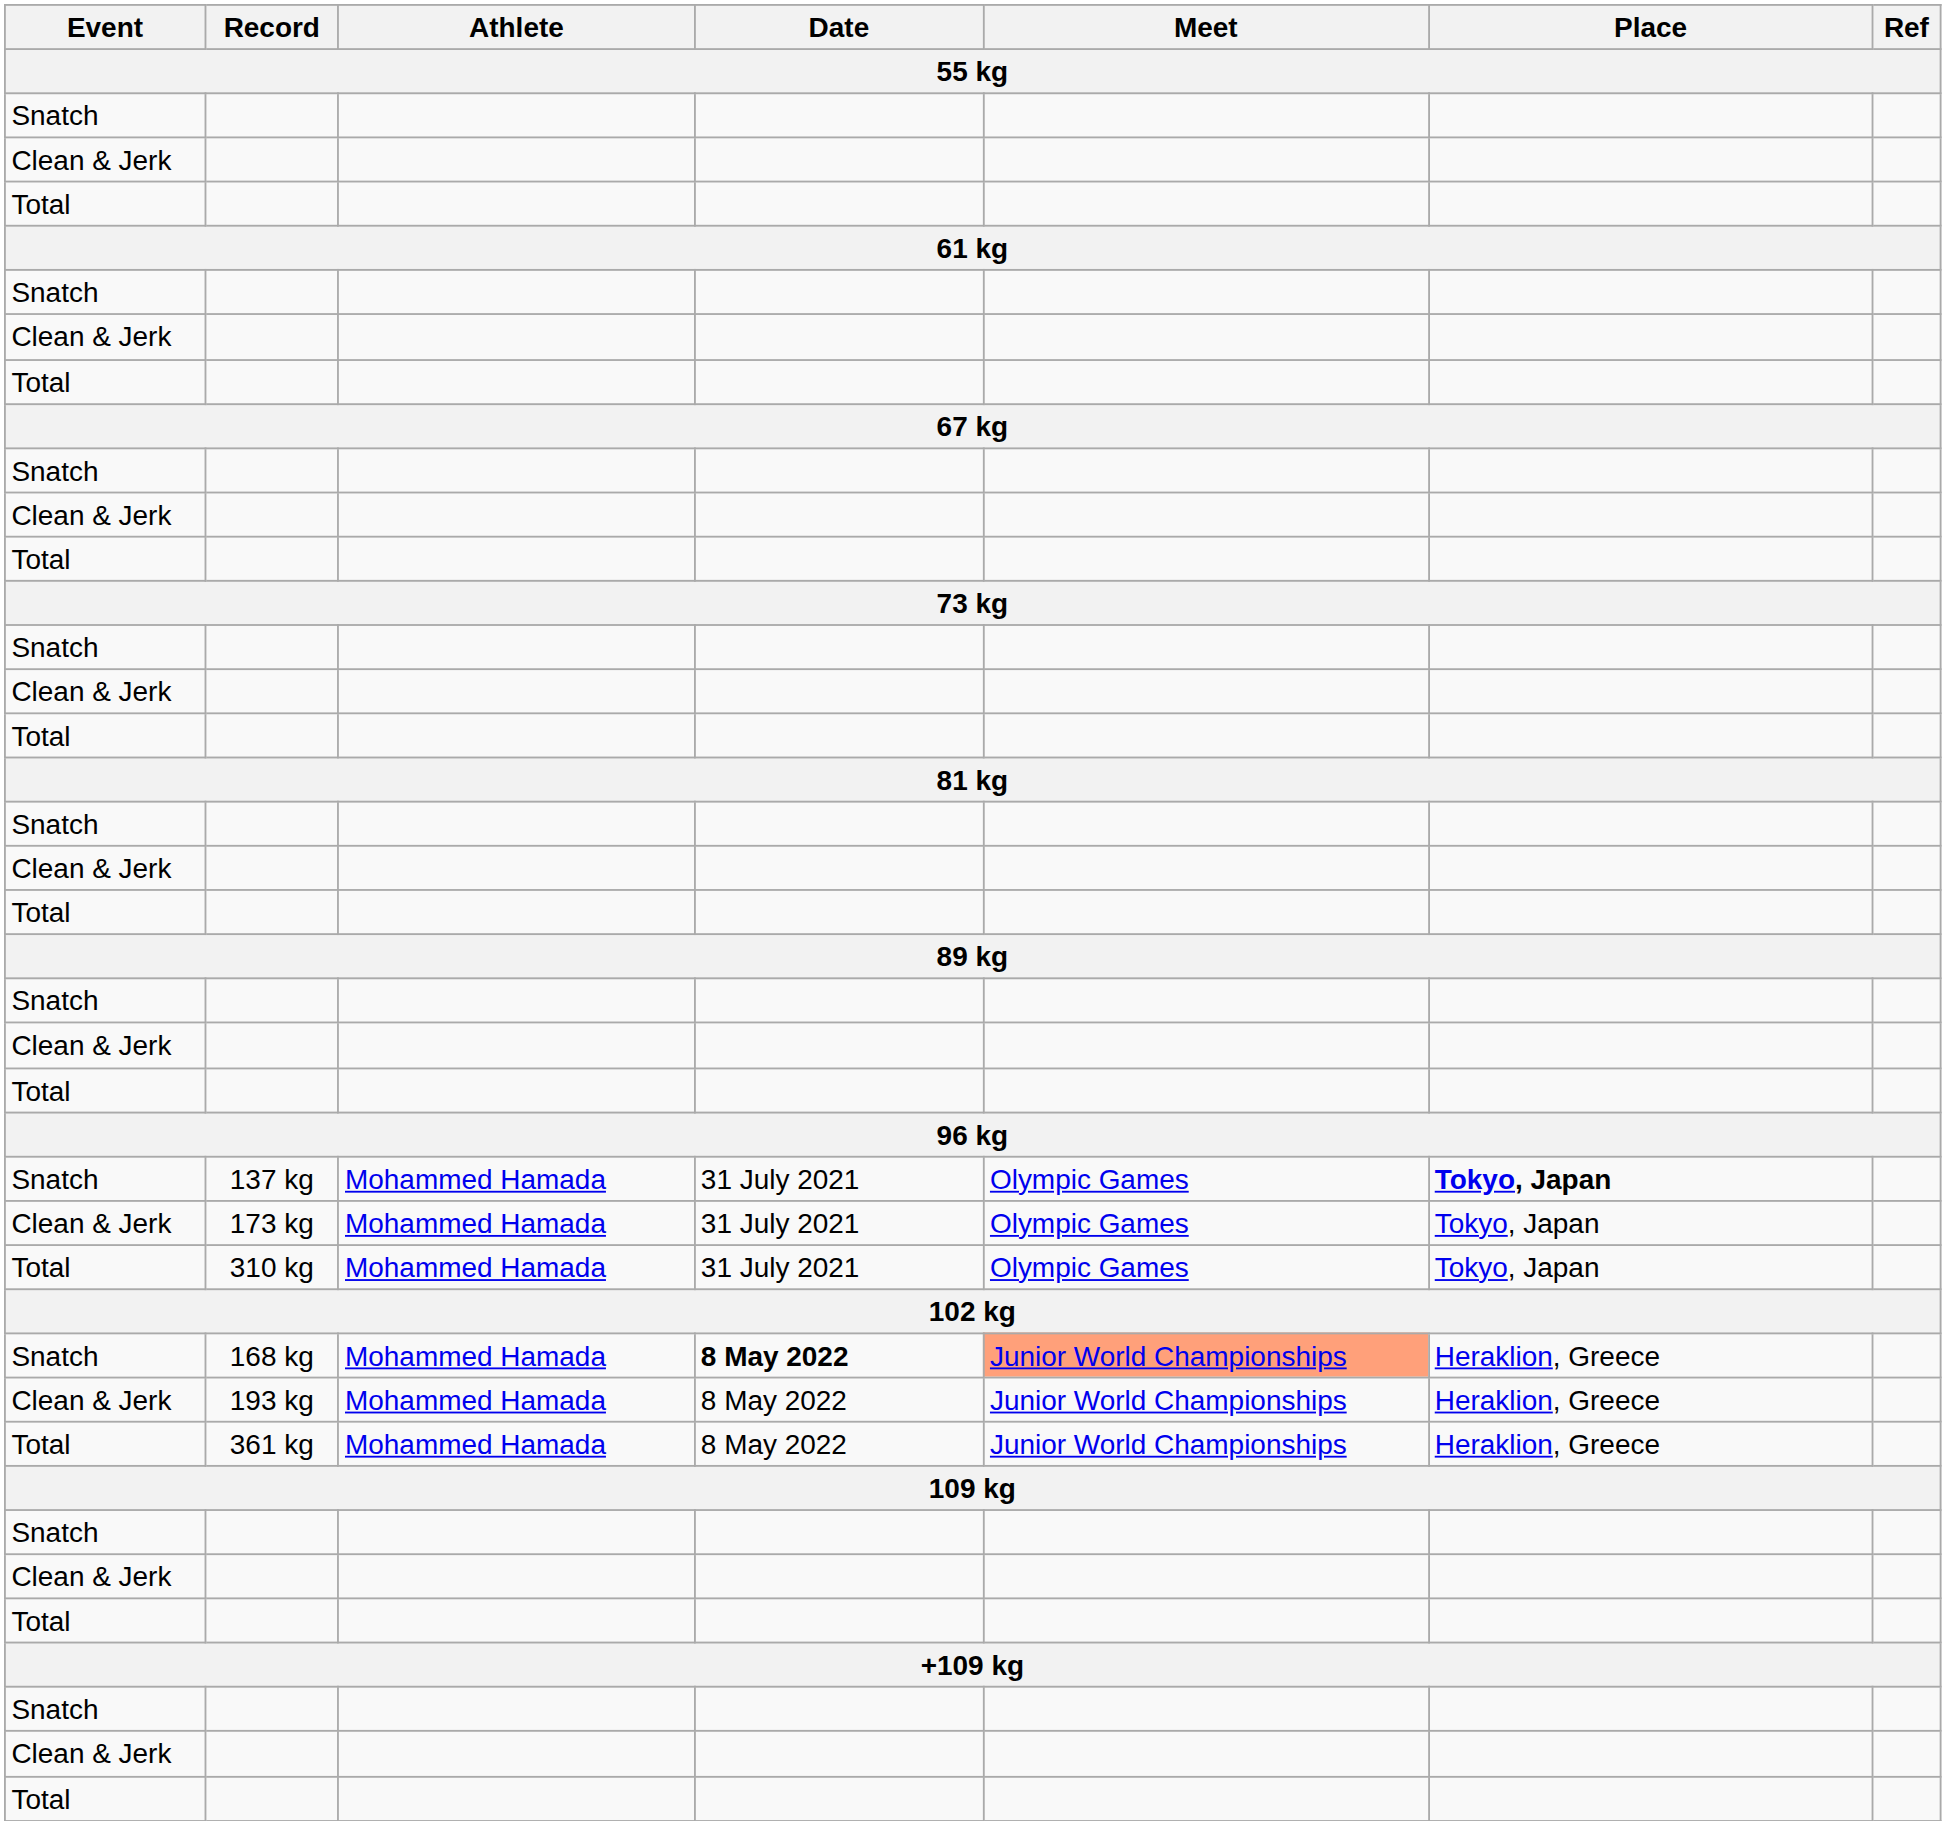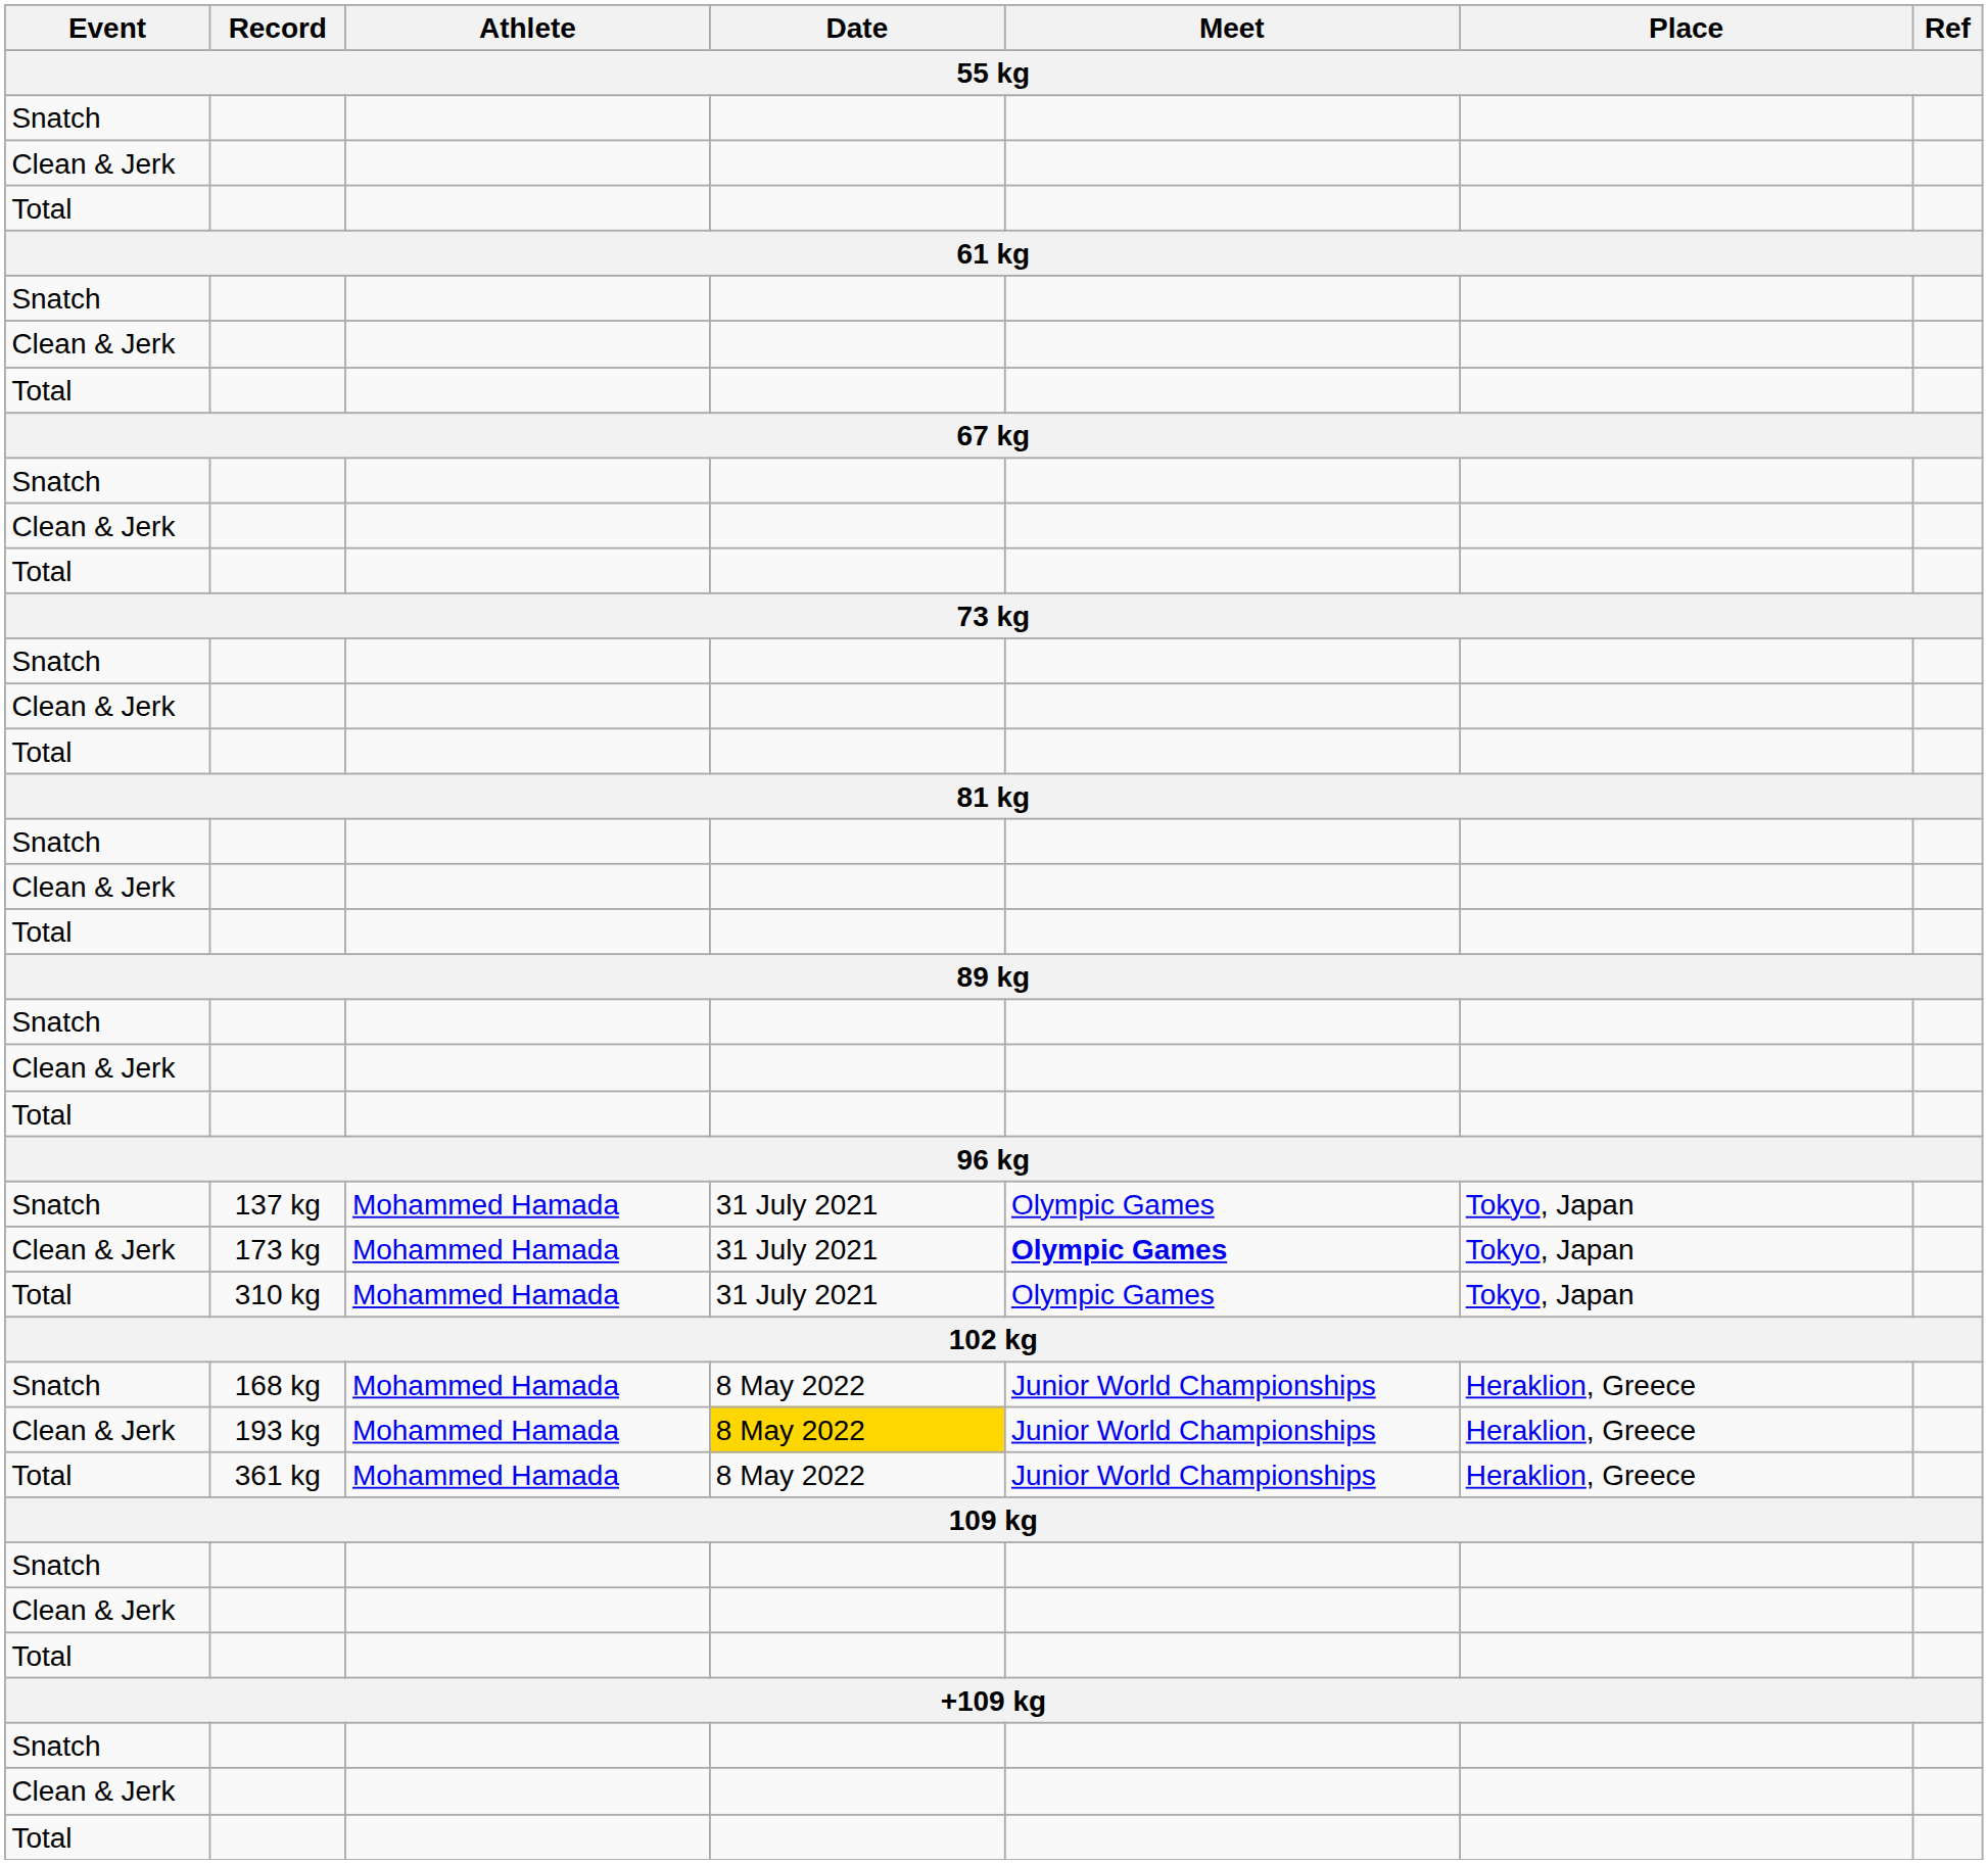 <table class="wikitable" style="font-size:95%;">
 <tr>
 <th width=9%>Event</th>
 <th width=6%>Record</th>
 <th width=16%>Athlete</th>
 <th width=13%>Date</th>
 <th width=20%>Meet</th>
 <th width=20%>Place</th>
 <th width=3%>Ref</th>
 </tr>
 <tr bgcolor="#DDDDDD">
 <th colspan="7">55 kg</th>
 </tr>
 <tr>
 <td>Snatch</td>
 <td align="center"></td>
 <td></td>
 <td></td>
 <td></td>
 <td></td>
 <td></td>
 </tr>
 <tr>
 <td>Clean & Jerk</td>
 <td align="center"></td>
 <td></td>
 <td></td>
 <td></td>
 <td></td>
 <td></td>
 </tr>
 <tr>
 <td>Total</td>
 <td align="center"></td>
 <td></td>
 <td></td>
 <td></td>
 <td></td>
 <td></td>
 </tr>
 <tr bgcolor="#DDDDDD">
 <th colspan="7">61 kg</th>
 </tr>
 <tr>
 <td>Snatch</td>
 <td align="center"></td>
 <td></td>
 <td></td>
 <td></td>
 <td></td>
 <td></td>
 </tr>
 <tr>
 <td>Clean & Jerk</td>
 <td align="center"></td>
 <td></td>
 <td></td>
 <td></td>
 <td></td>
 <td></td>
 </tr>
 <tr>
 <td>Total</td>
 <td align="center"></td>
 <td></td>
 <td></td>
 <td></td>
 <td></td>
 <td></td>
 </tr>
 <tr bgcolor="#DDDDDD">
 <th colspan="7">67 kg</th>
 </tr>
 <tr>
 <td>Snatch</td>
 <td align="center"></td>
 <td></td>
 <td></td>
 <td></td>
 <td></td>
 <td></td>
 </tr>
 <tr>
 <td>Clean & Jerk</td>
 <td align="center"></td>
 <td></td>
 <td></td>
 <td></td>
 <td></td>
 <td></td>
 </tr>
 <tr>
 <td>Total</td>
 <td align="center"></td>
 <td></td>
 <td></td>
 <td></td>
 <td></td>
 <td></td>
 </tr>
 <tr bgcolor="#DDDDDD">
 <th colspan="7">73 kg</th>
 </tr>
 <tr>
 <td>Snatch</td>
 <td align="center"></td>
 <td></td>
 <td></td>
 <td></td>
 <td></td>
 <td></td>
 </tr>
 <tr>
 <td>Clean & Jerk</td>
 <td align="center"></td>
 <td></td>
 <td></td>
 <td></td>
 <td></td>
 <td></td>
 </tr>
 <tr>
 <td>Total</td>
 <td align="center"></td>
 <td></td>
 <td></td>
 <td></td>
 <td></td>
 <td></td>
 </tr>
 <tr bgcolor="#DDDDDD">
 <th colspan="7">81 kg</th>
 </tr>
 <tr>
 <td>Snatch</td>
 <td align="center"></td>
 <td></td>
 <td></td>
 <td></td>
 <td></td>
 <td></td>
 </tr>
 <tr>
 <td>Clean & Jerk</td>
 <td align="center"></td>
 <td></td>
 <td></td>
 <td></td>
 <td></td>
 <td></td>
 </tr>
 <tr>
 <td>Total</td>
 <td align="center"></td>
 <td></td>
 <td></td>
 <td></td>
 <td></td>
 <td></td>
 </tr>
 <tr bgcolor="#DDDDDD">
 <th colspan="7">89 kg</th>
 </tr>
 <tr>
 <td>Snatch</td>
 <td align="center"></td>
 <td></td>
 <td></td>
 <td></td>
 <td></td>
 <td></td>
 </tr>
 <tr>
 <td>Clean & Jerk</td>
 <td align="center"></td>
 <td></td>
 <td></td>
 <td></td>
 <td></td>
 <td></td>
 </tr>
 <tr>
 <td>Total</td>
 <td align="center"></td>
 <td></td>
 <td></td>
 <td></td>
 <td></td>
 <td></td>
 </tr>
 <tr bgcolor="#DDDDDD">
 <th colspan="7">96 kg</th>
 </tr>
 <tr>
 <td>Snatch</td>
 <td align="center">137 kg</td>
 <td><a href='#'>Mohammed Hamada</a></td>
 <td>31 July 2021</td>
 <td><a href='#'>Olympic Games</a></td>
-<td><strong><a href='#'>Tokyo</a>, Japan</strong></td>
+<td><a href='#'>Tokyo</a>, Japan</td>
 <td></td>
 </tr>
 <tr>
 <td>Clean & Jerk</td>
 <td align="center">173 kg</td>
 <td><a href='#'>Mohammed Hamada</a></td>
 <td>31 July 2021</td>
-<td><a href='#'>Olympic Games</a></td>
+<td><strong><a href='#'>Olympic Games</a></strong></td>
 <td><a href='#'>Tokyo</a>, Japan</td>
 <td></td>
 </tr>
 <tr>
 <td>Total</td>
 <td align="center">310 kg</td>
 <td><a href='#'>Mohammed Hamada</a></td>
 <td>31 July 2021</td>
 <td><a href='#'>Olympic Games</a></td>
 <td><a href='#'>Tokyo</a>, Japan</td>
 <td></td>
 </tr>
 <tr bgcolor="#DDDDDD">
 <th colspan="7">102 kg</th>
 </tr>
 <tr>
 <td>Snatch</td>
 <td align="center">168 kg</td>
 <td><a href='#'>Mohammed Hamada</a></td>
-<td><strong>8 May 2022</strong></td>
-<td style="background: lightsalmon;"><a href='#'>Junior World Championships</a></td>
+<td>8 May 2022</td>
+<td><a href='#'>Junior World Championships</a></td>
 <td><a href='#'>Heraklion</a>, Greece</td>
 <td></td>
 </tr>
 <tr>
 <td>Clean & Jerk</td>
 <td align="center">193 kg</td>
 <td><a href='#'>Mohammed Hamada</a></td>
-<td>8 May 2022</td>
+<td style="background: gold;">8 May 2022</td>
 <td><a href='#'>Junior World Championships</a></td>
 <td><a href='#'>Heraklion</a>, Greece</td>
 <td></td>
 </tr>
 <tr>
 <td>Total</td>
 <td align="center">361 kg</td>
 <td><a href='#'>Mohammed Hamada</a></td>
 <td>8 May 2022</td>
 <td><a href='#'>Junior World Championships</a></td>
 <td><a href='#'>Heraklion</a>, Greece</td>
 <td></td>
 </tr>
 <tr bgcolor="#DDDDDD">
 <th colspan="7">109 kg</th>
 </tr>
 <tr>
 <td>Snatch</td>
 <td align="center"></td>
 <td></td>
 <td></td>
 <td></td>
 <td></td>
 <td></td>
 </tr>
 <tr>
 <td>Clean & Jerk</td>
 <td align="center"></td>
 <td></td>
 <td></td>
 <td></td>
 <td></td>
 <td></td>
 </tr>
 <tr>
 <td>Total</td>
 <td align="center"></td>
 <td></td>
 <td></td>
 <td></td>
 <td></td>
 <td></td>
 </tr>
 <tr bgcolor="#DDDDDD">
 <th colspan="7">+109 kg</th>
 </tr>
 <tr>
 <td>Snatch</td>
 <td align="center"></td>
 <td></td>
 <td></td>
 <td></td>
 <td></td>
 <td></td>
 </tr>
 <tr>
 <td>Clean & Jerk</td>
 <td align="center"></td>
 <td></td>
 <td></td>
 <td></td>
 <td></td>
 <td></td>
 </tr>
 <tr>
 <td>Total</td>
 <td align="center"></td>
 <td></td>
 <td></td>
 <td></td>
 <td></td>
 <td></td>
 </tr>
 </table>
